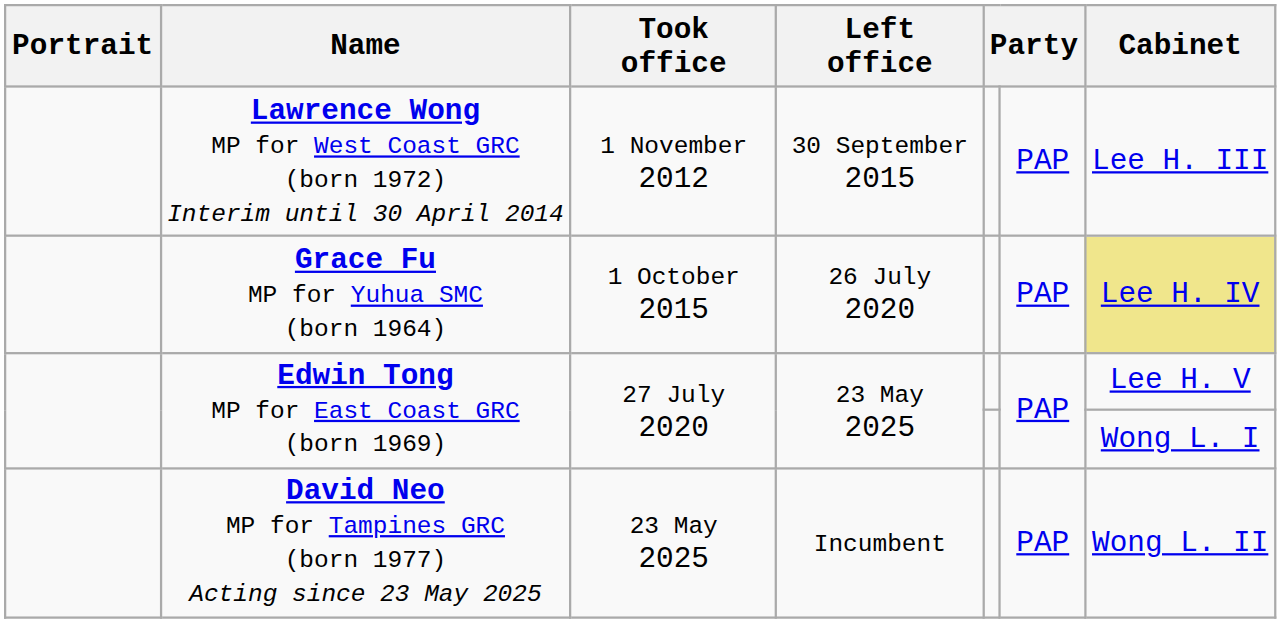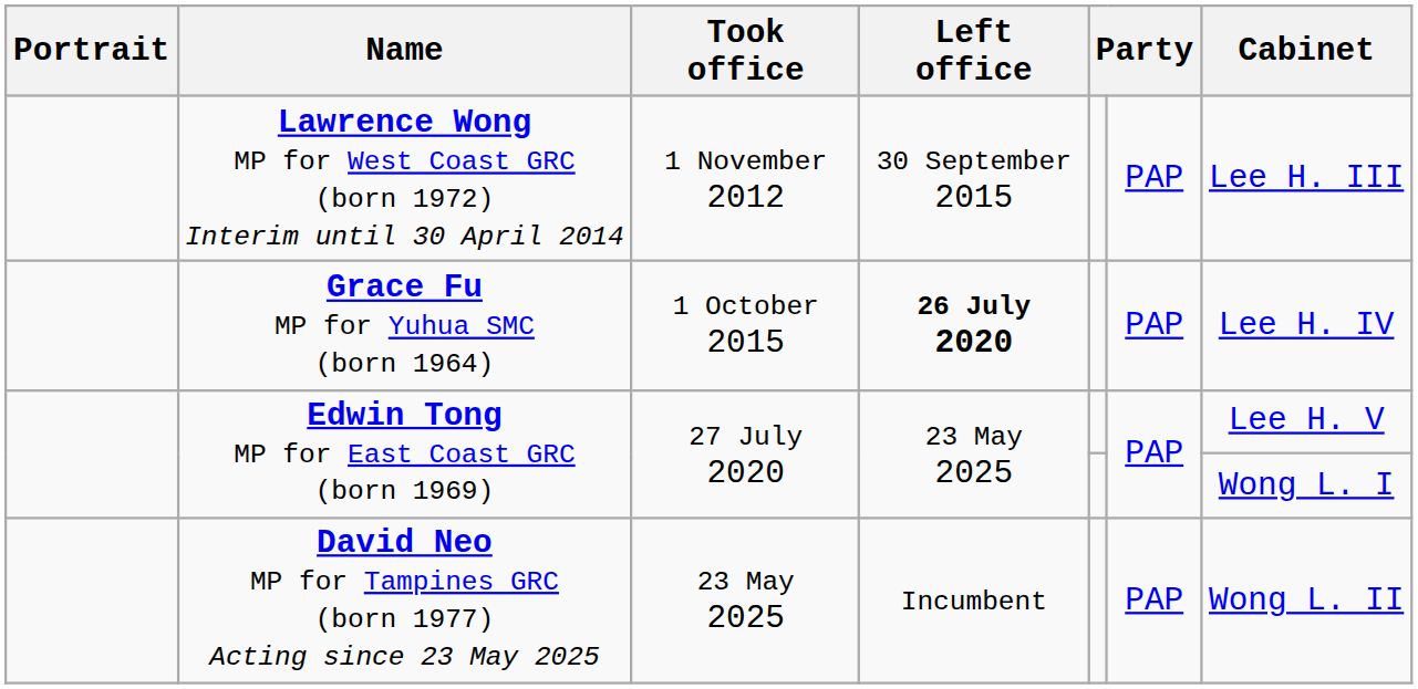 <table class="wikitable" style="text-align:center; border:1px #aaf solid;">
 <tr>
 <th>Portrait</th>
 <th>Name<br></th>
 <th width="85">Took office</th>
 <th width="85">Left office</th>
 <th colspan="2">Party</th>
 <th>Cabinet</th>
 </tr>
 <tr>
 <td></td>
 <td><strong><a href='#'>Lawrence Wong</a></strong><br><small>MP for <a href='#'>West Coast GRC</a></small><br><small>(born 1972)</small><br><small><em>Interim until 30 April 2014</em></small></td>
 <td><small>1 November</small><br>2012</td>
 <td><small>30 September</small><br>2015</td>
 <td style="background:"></td>
 <td><a href='#'>PAP</a></td>
 <td><a href='#'>Lee H. III</a></td>
 </tr>
 <tr>
 <td></td>
 <td><strong><a href='#'>Grace Fu</a></strong><br><small>MP for <a href='#'>Yuhua SMC</a></small><br><small>(born 1964)</small></td>
 <td><small>1 October</small><br>2015</td>
-<td><small>26 July</small><br>2020</td>
+<td><strong><small>26 July</small><br>2020</strong></td>
 <td style="background:"></td>
 <td><a href='#'>PAP</a></td>
-<td style="background: khaki;"><a href='#'>Lee H. IV</a></td>
+<td><a href='#'>Lee H. IV</a></td>
 </tr>
 <tr>
 <td rowspan="2"></td>
 <td rowspan="2"><strong><a href='#'>Edwin Tong</a></strong><br><small>MP for <a href='#'>East Coast GRC</a></small><br><small>(born 1969)</small></td>
 <td rowspan="2"><small>27 July</small><br>2020</td>
 <td rowspan="2"><small>23 May</small><br>2025</td>
 <td style="background:"></td>
 <td rowspan="2"><a href='#'>PAP</a></td>
 <td><a href='#'>Lee H. V</a></td>
 </tr>
 <tr>
 <td style="background:"></td>
 <td><a href='#'>Wong L. I</a></td>
 </tr>
 <tr>
 <td></td>
 <td><strong><a href='#'>David Neo</a></strong> <br><small>MP for <a href='#'>Tampines GRC</a></small><br><small>(born 1977)<br><em>Acting since 23 May 2025</em></small></td>
 <td rowspan="2"><small>23 May</small><br>2025</td>
 <td rowspan="2"><small>Incumbent</small><br></td>
 <td style="background:"></td>
 <td rowspan="2"><a href='#'>PAP</a></td>
 <td><a href='#'>Wong L. II</a></td>
 </tr>
 </table>
